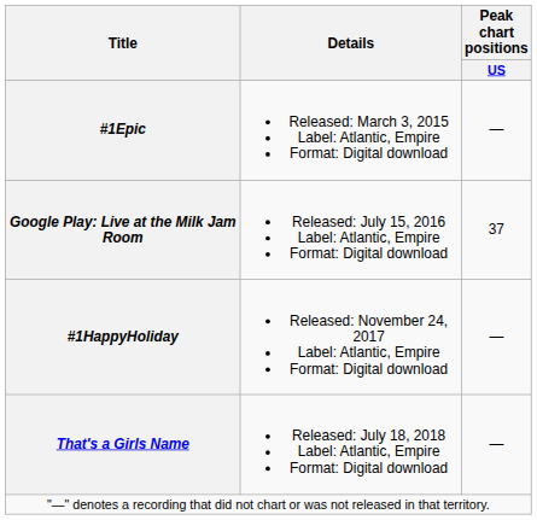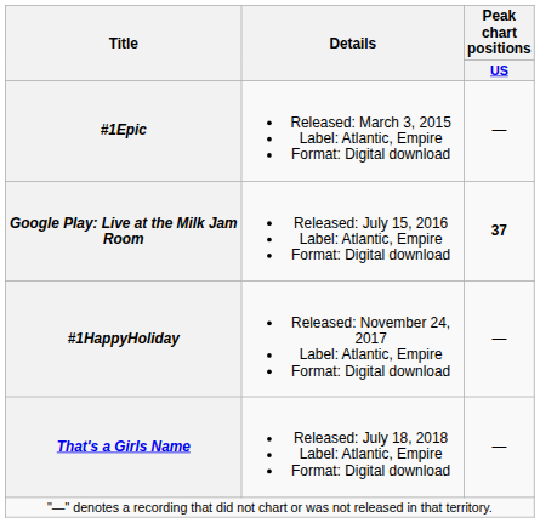 <table class="wikitable plainrowheaders" style="text-align:center;">
 <tr>
 <th scope="col" rowspan="2" style="width:16em;">Title</th>
 <th scope="col" rowspan="2" style="width:15em;">Details</th>
 <th scope="col" colspan="1">Peak chart positions</th>
 </tr>
 <tr>
 <th scope="col" style="width:3em;font-size:90%;"><a href='#'>US</a><br></th>
 </tr>
 <tr>
 <th scope="row"><em>#1Epic</em></th>
 <td><br><ul><li>Released: March 3, 2015</li><li>Label: Atlantic, Empire</li><li>Format: Digital download</li></ul></td>
 <td>—</td>
 </tr>
 <tr>
 <th scope="row"><em>Google Play: Live at the Milk Jam Room</em></th>
 <td><br><ul><li>Released: July 15, 2016</li><li>Label: Atlantic, Empire</li><li>Format: Digital download</li></ul></td>
-<td>37</td>
+<td><strong>37</strong></td>
 </tr>
 <tr>
 <th scope="row"><em>#1HappyHoliday</em></th>
 <td><br><ul><li>Released: November 24, 2017</li><li>Label: Atlantic, Empire</li><li>Format: Digital download</li></ul></td>
 <td>—</td>
 </tr>
 <tr>
 <th scope="row"><em><a href='#'>That's a Girls Name</a></em></th>
 <td><br><ul><li>Released: July 18, 2018</li><li>Label: Atlantic, Empire</li><li>Format: Digital download</li></ul></td>
 <td>—</td>
 </tr>
 <tr>
 <td colspan="3" style="font-size:90%">"—" denotes a recording that did not chart or was not released in that territory.</td>
 </tr>
 </table>
